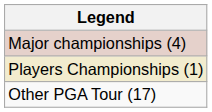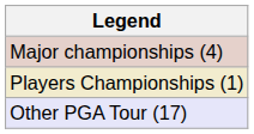 <table class="wikitable" style="font-size:95%;">
 <tr>
 <th>Legend</th>
 </tr>
 <tr style="background:#e5d1cb;">
 <td>Major championships (4)</td>
 </tr>
 <tr style="background:#f2ecce;">
 <td>Players Championships (1)</td>
 </tr>
 <tr>
-<td>Other PGA Tour (17)</td>
+<td style="background: lavender;">Other PGA Tour (17)</td>
 </tr>
 </table>
